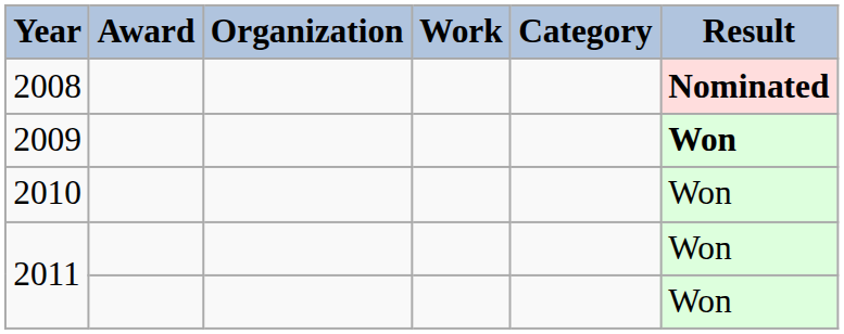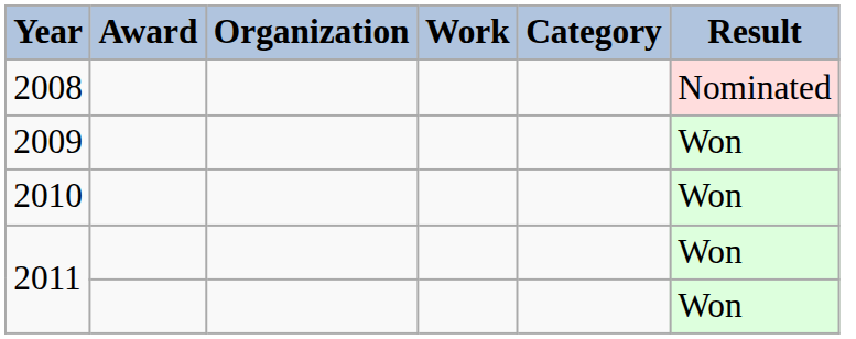 <table class="wikitable">
 <tr style="text-align:center;">
 <th style="background:#B0C4DE;">Year</th>
 <th style="background:#B0C4DE;">Award</th>
 <th style="background:#B0C4DE;">Organization</th>
 <th style="background:#B0C4DE;">Work</th>
 <th style="background:#B0C4DE;">Category</th>
 <th style="background:#B0C4DE;">Result</th>
 </tr>
 <tr>
 <td>2008</td>
 <td></td>
 <td></td>
 <td></td>
 <td></td>
-<td style="background:#fdd;"><strong>Nominated</strong></td>
+<td style="background:#fdd;">Nominated</td>
 </tr>
 <tr>
 <td>2009</td>
 <td></td>
 <td></td>
 <td></td>
 <td></td>
-<td style="background:#dfd;"><strong>Won</strong></td>
+<td style="background:#dfd;">Won</td>
 </tr>
 <tr>
 <td>2010</td>
 <td></td>
 <td></td>
 <td></td>
 <td></td>
 <td style="background:#dfd;">Won</td>
 </tr>
 <tr>
 <td rowspan="2">2011</td>
 <td></td>
 <td></td>
 <td></td>
 <td></td>
 <td style="background:#dfd;">Won</td>
 </tr>
 <tr>
 <td></td>
 <td></td>
 <td></td>
 <td></td>
 <td style="background:#dfd;">Won</td>
 </tr>
 </table>
